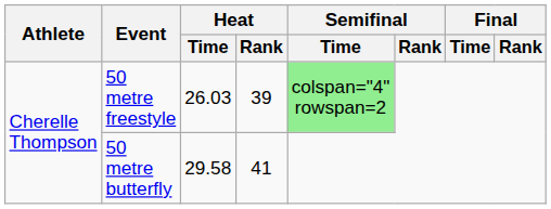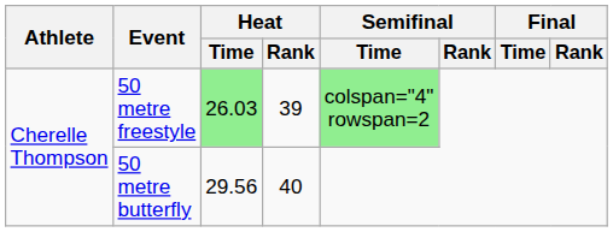 <table class="wikitable" style="text-align:center; font-size:90%; width:50%;">
 <tr>
 <th rowspan="2">Athlete</th>
 <th rowspan="2">Event</th>
 <th colspan="2">Heat</th>
 <th colspan="2">Semifinal</th>
 <th colspan="2">Final</th>
 </tr>
 <tr style="font-size:95%">
 <th>Time</th>
 <th>Rank</th>
 <th>Time</th>
 <th>Rank</th>
 <th>Time</th>
 <th>Rank</th>
 </tr>
 <tr>
 <td align=left rowspan=2><a href='#'>Cherelle Thompson</a></td>
 <td align=left><a href='#'>50 metre freestyle</a></td>
-<td>26.03</td>
+<td style="background: lightgreen;">26.03</td>
 <td>39</td>
 <td style="background: lightgreen;">colspan="4" rowspan=2 </td>
 </tr>
 <tr>
 <td align=left><a href='#'>50 metre butterfly</a></td>
-<td>29.58</td>
-<td>41</td>
+<td>29.56</td>
+<td>40</td>
 </tr>
 </table>
